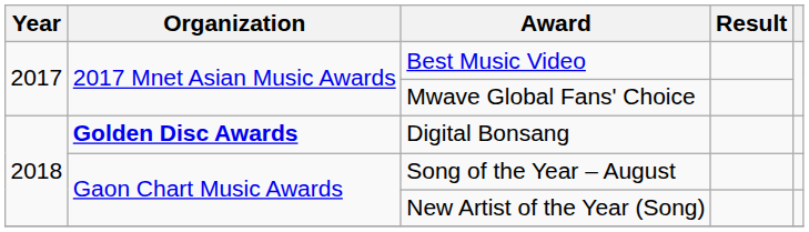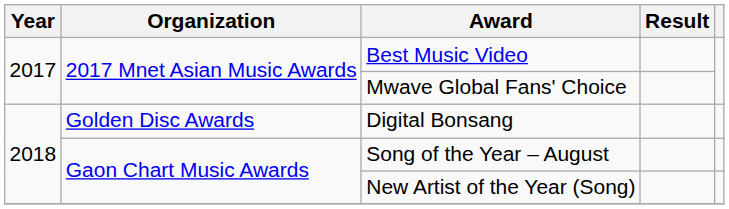 <table class="wikitable plainrowheaders">
 <tr>
 <th scope="col">Year</th>
 <th scope="col">Organization</th>
 <th scope="col">Award</th>
 <th scope="col">Result</th>
 <th class="unsortable"></th>
 </tr>
 <tr>
 <td rowspan="2">2017</td>
 <td rowspan="2"><a href='#'>2017 Mnet Asian Music Awards</a></td>
 <td><a href='#'>Best Music Video</a></td>
 <td></td>
 <td align="center" rowspan="2"></td>
 </tr>
 <tr>
 <td>Mwave Global Fans' Choice</td>
 <td></td>
 </tr>
 <tr>
 <td rowspan="3">2018</td>
-<td><strong><a href='#'>Golden Disc Awards</a></strong></td>
+<td><a href='#'>Golden Disc Awards</a></td>
 <td>Digital Bonsang</td>
 <td></td>
 <td align="center"></td>
 </tr>
 <tr>
 <td rowspan="2"><a href='#'>Gaon Chart Music Awards</a></td>
 <td>Song of the Year – August</td>
 <td></td>
 <td></td>
 </tr>
 <tr>
 <td>New Artist of the Year (Song)</td>
 <td></td>
 <td></td>
 </tr>
 <tr>
 </tr>
 </table>
